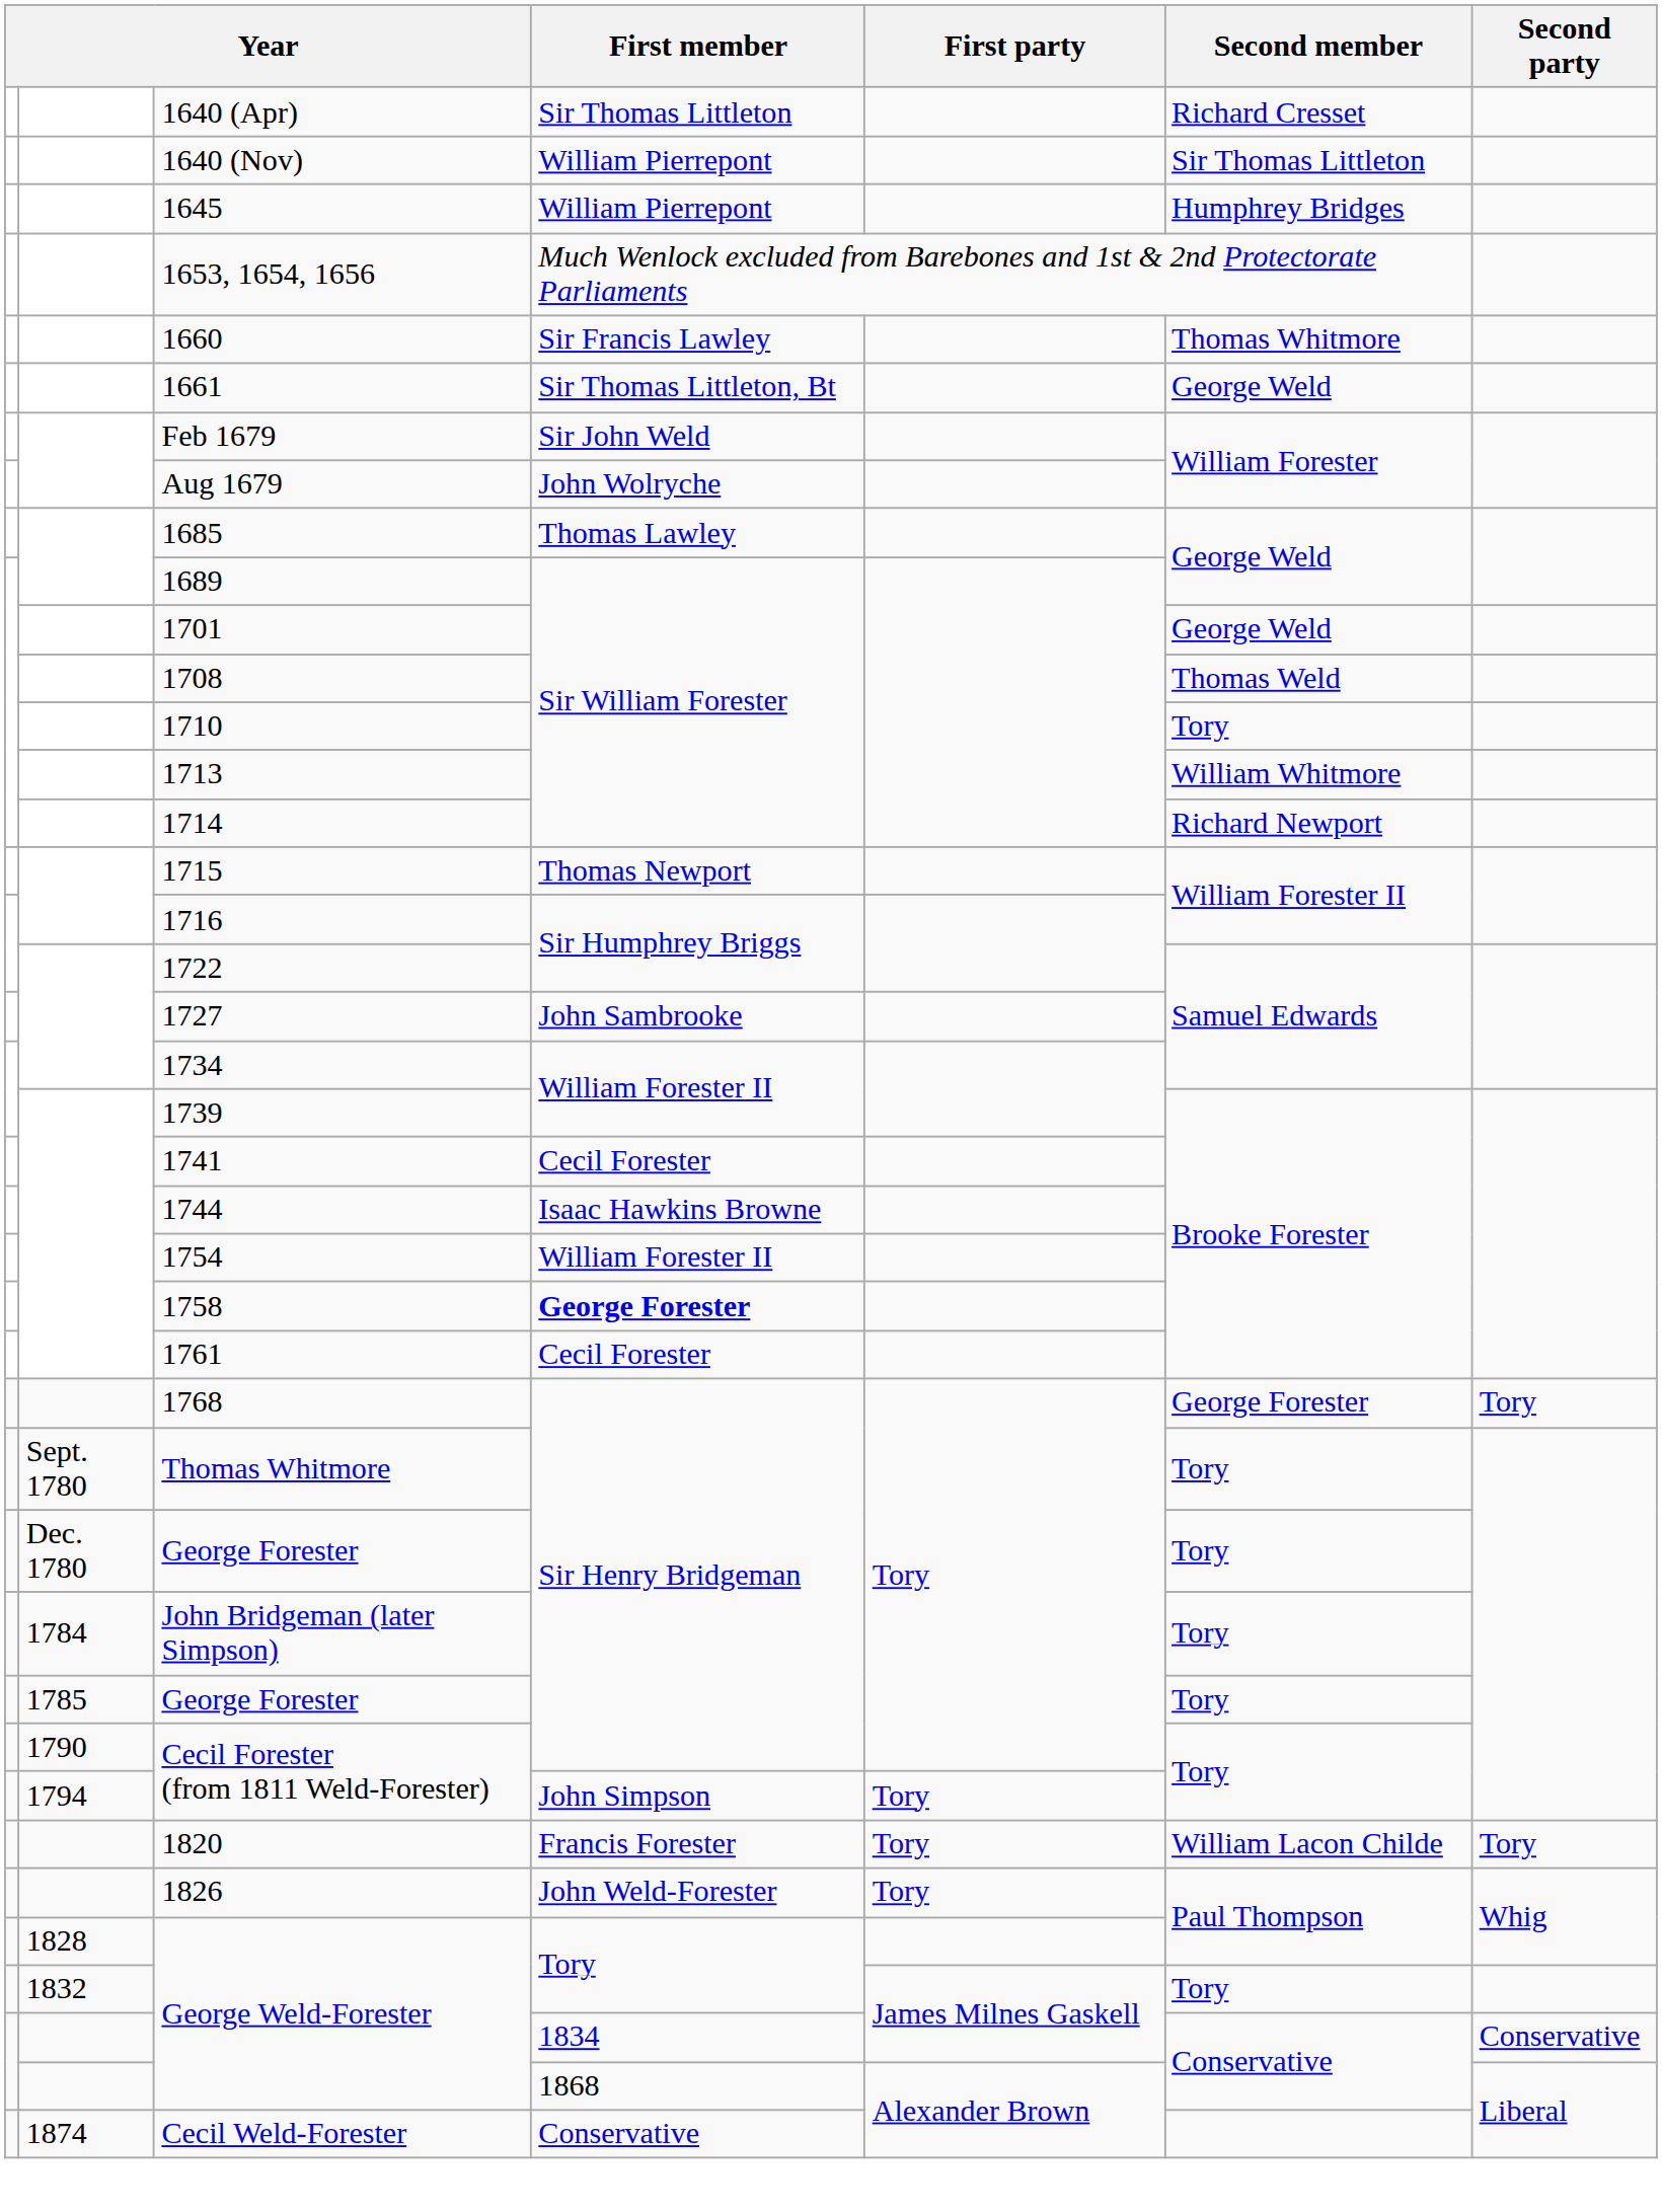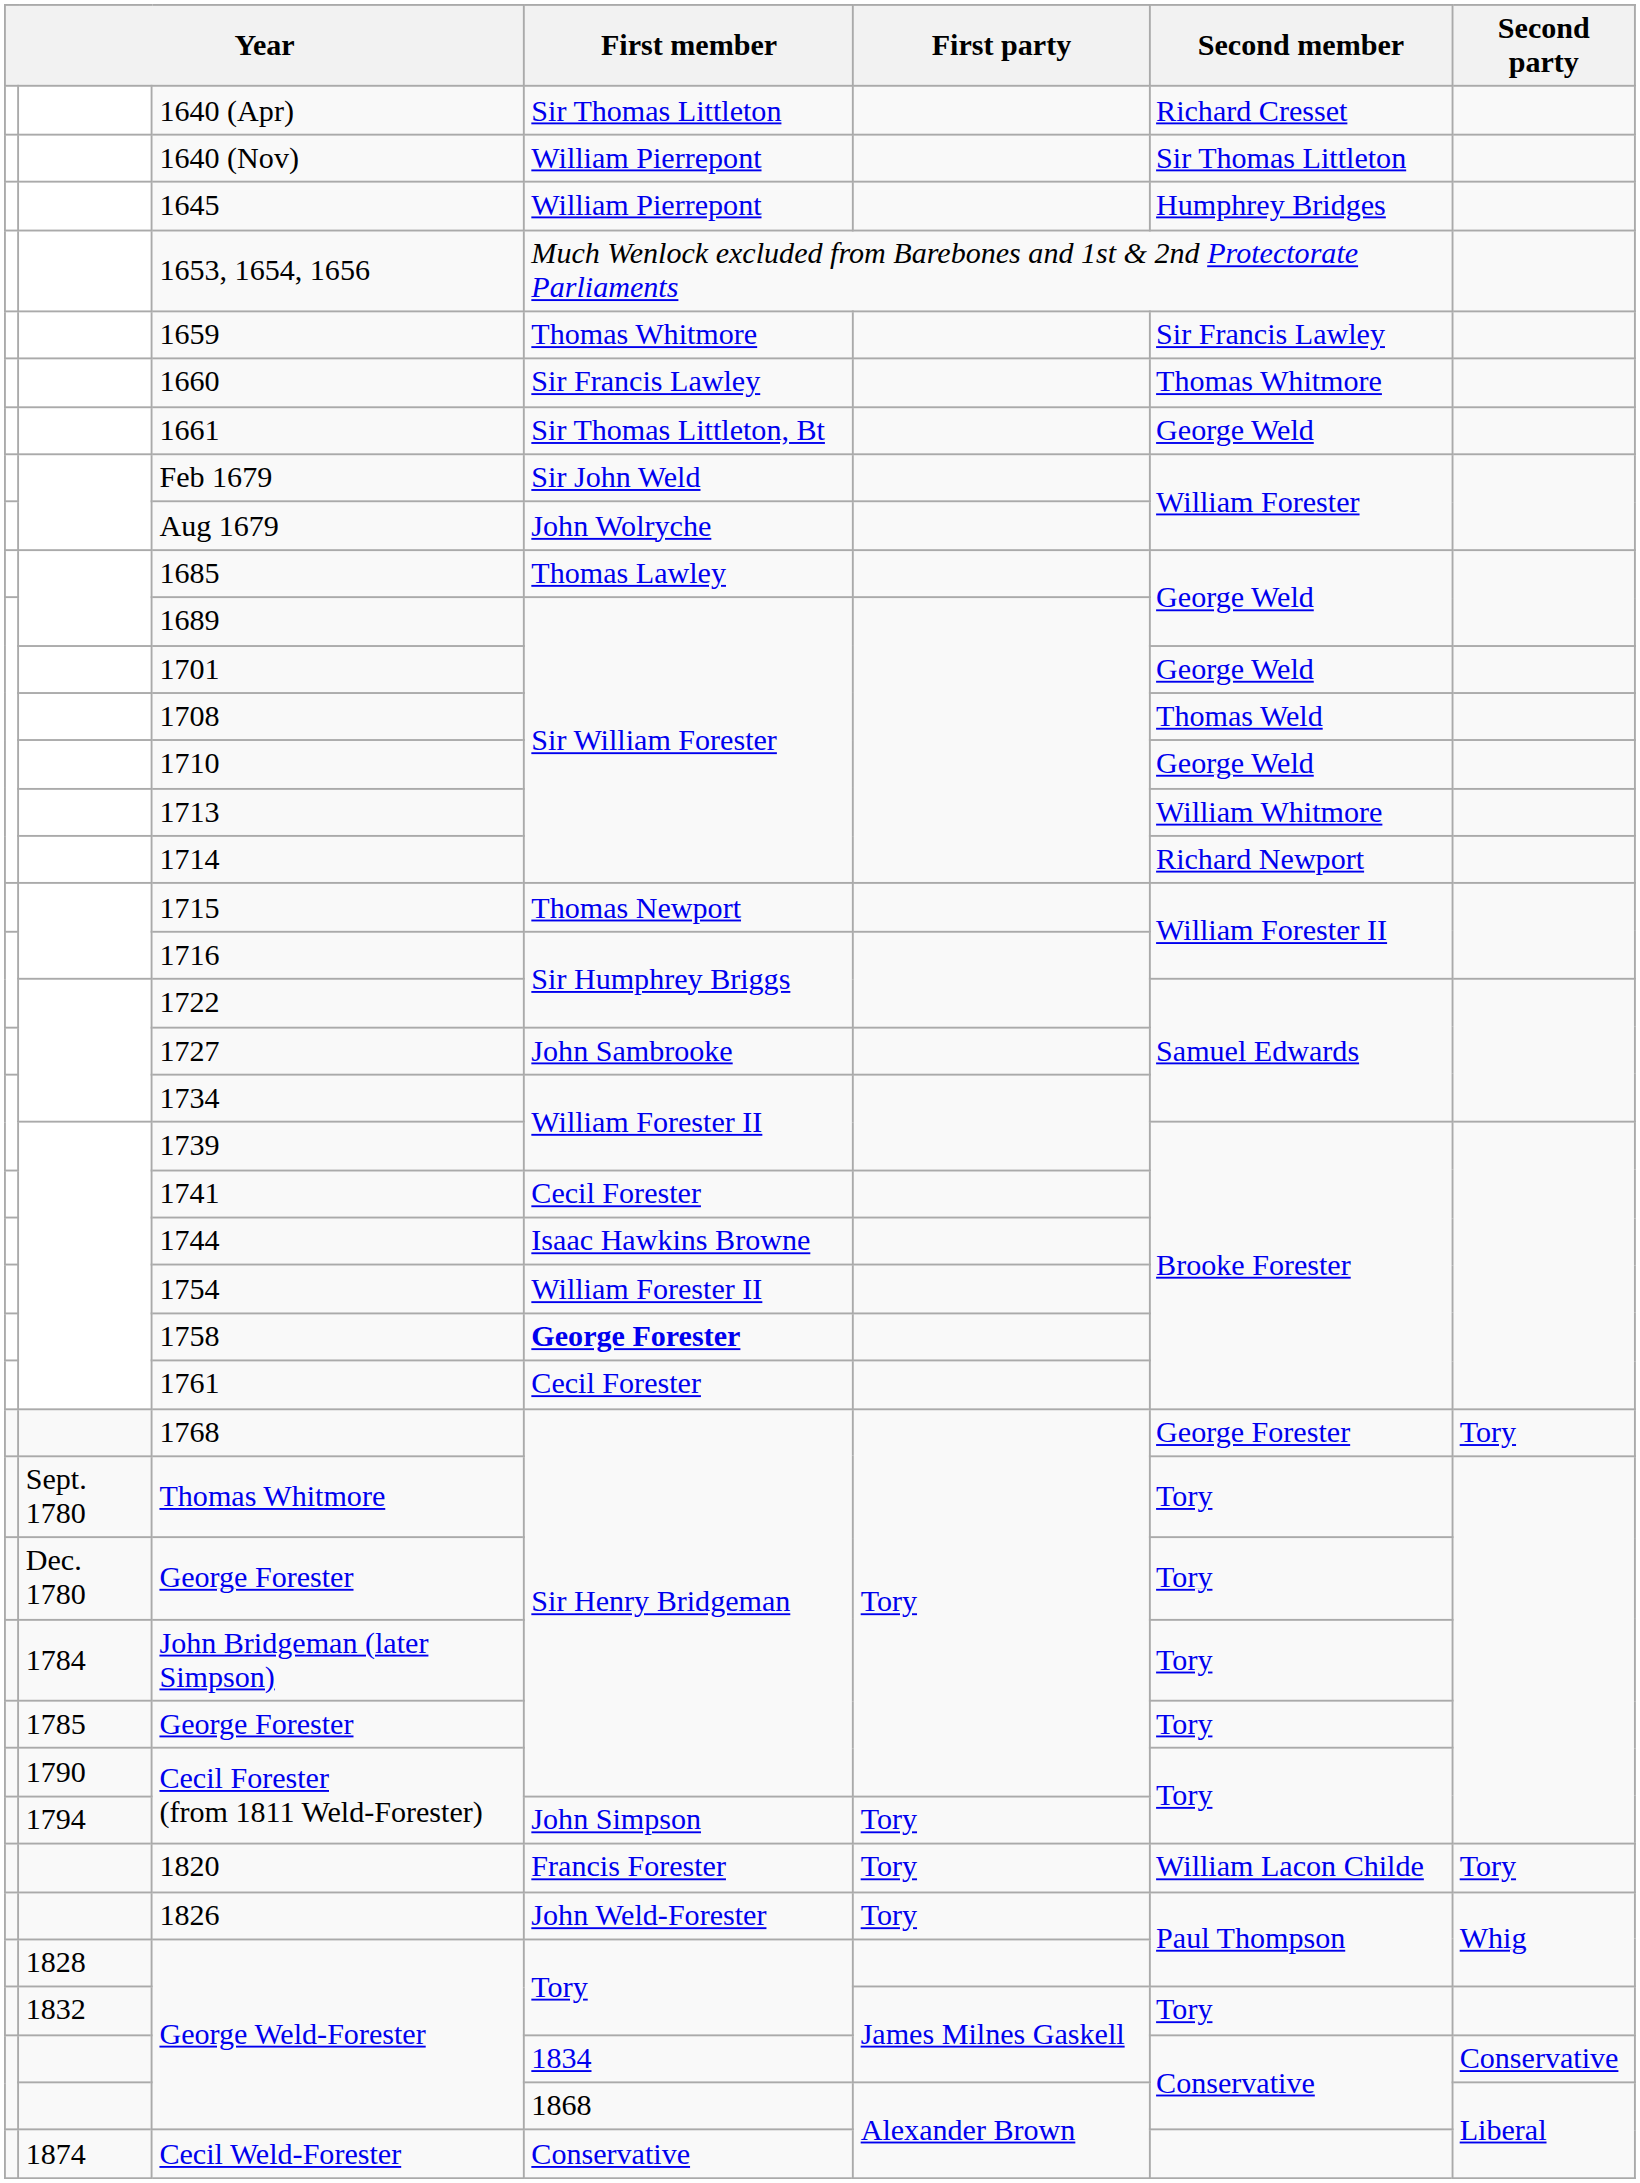 <table class="wikitable">
 <tr>
 <th colspan="3">Year</th>
 <th>First member</th>
 <th>First party</th>
 <th>Second member</th>
 <th>Second party</th>
 </tr>
 <tr>
 <td style="color:inherit;background-color: white"></td>
 <td style="color:inherit;background-color: white"></td>
 <td>1640 (Apr)</td>
 <td><a href='#'>Sir Thomas Littleton</a></td>
 <td></td>
 <td><a href='#'>Richard Cresset</a></td>
 <td></td>
 </tr>
 <tr>
 <td style="color:inherit;background-color: white"></td>
 <td style="color:inherit;background-color: white"></td>
 <td>1640 (Nov)</td>
 <td><a href='#'>William Pierrepont</a></td>
 <td></td>
 <td><a href='#'>Sir Thomas Littleton</a></td>
 <td></td>
 </tr>
 <tr>
 <td style="color:inherit;background-color: white"></td>
 <td style="color:inherit;background-color: white"></td>
 <td>1645</td>
 <td><a href='#'>William Pierrepont</a></td>
 <td></td>
 <td><a href='#'>Humphrey Bridges</a></td>
 <td></td>
 </tr>
 <tr>
 <td style="color:inherit;background-color: white"></td>
 <td style="color:inherit;background-color: white"></td>
 <td>1653, 1654, 1656</td>
 <td colspan = "3"><em>Much Wenlock excluded from Barebones and 1st & 2nd <a href='#'>Protectorate Parliaments</a></em></td>
+<td></td>
+</tr>
+<tr>
+<td style="color:inherit;background-color: white"></td>
+<td style="color:inherit;background-color: white"></td>
+<td>1659</td>
+<td><a href='#'>Thomas Whitmore</a></td>
+<td></td>
+<td><a href='#'>Sir Francis Lawley</a></td>
 <td></td>
 </tr>
 <tr>
 <td style="color:inherit;background-color: white"></td>
 <td style="color:inherit;background-color: white"></td>
 <td>1660</td>
 <td><a href='#'>Sir Francis Lawley</a></td>
 <td></td>
 <td><a href='#'>Thomas Whitmore</a></td>
 <td></td>
 </tr>
 <tr>
 <td style="color:inherit;background-color: white"></td>
 <td style="color:inherit;background-color: white"></td>
 <td>1661</td>
 <td><a href='#'>Sir Thomas Littleton, Bt</a></td>
 <td></td>
 <td><a href='#'>George Weld</a></td>
 <td></td>
 </tr>
 <tr>
 <td style="color:inherit;background-color: white"></td>
 <td style="color:inherit;background-color: white" rowspan="2"></td>
 <td>Feb 1679</td>
 <td><a href='#'>Sir John Weld</a></td>
 <td></td>
 <td rowspan="2"><a href='#'>William Forester</a></td>
 <td rowspan="2"></td>
 </tr>
 <tr>
 <td style="color:inherit;background-color: white"></td>
 <td>Aug 1679</td>
 <td><a href='#'>John Wolryche</a></td>
 <td></td>
 </tr>
 <tr>
 <td style="color:inherit;background-color: white"></td>
 <td style="color:inherit;background-color: white" rowspan="2"></td>
 <td>1685</td>
 <td><a href='#'>Thomas Lawley</a></td>
 <td></td>
 <td rowspan="2"><a href='#'>George Weld</a></td>
 <td rowspan="2"></td>
 </tr>
 <tr>
 <td style="color:inherit;background-color: white" rowspan="6"></td>
 <td>1689</td>
 <td rowspan="6"><a href='#'>Sir William Forester</a></td>
 <td rowspan="6"></td>
 </tr>
 <tr>
 <td style="color:inherit;background-color: white"></td>
 <td>1701</td>
 <td><a href='#'>George Weld</a></td>
 <td></td>
 </tr>
 <tr>
 <td style="color:inherit;background-color: white"></td>
 <td>1708</td>
 <td><a href='#'>Thomas Weld</a></td>
 <td></td>
 </tr>
 <tr>
 <td style="color:inherit;background-color: white"></td>
 <td>1710</td>
-<td><a href='#'>Tory</a></td>
+<td><a href='#'>George Weld</a></td>
 <td></td>
 </tr>
 <tr>
 <td style="color:inherit;background-color: white"></td>
 <td>1713</td>
 <td><a href='#'>William Whitmore</a></td>
 <td></td>
 </tr>
 <tr>
 <td style="color:inherit;background-color: white"></td>
 <td>1714</td>
 <td><a href='#'>Richard Newport</a></td>
 <td></td>
 </tr>
 <tr>
 <td style="color:inherit;background-color: white"></td>
 <td style="color:inherit;background-color: white" rowspan="2"></td>
 <td>1715</td>
 <td><a href='#'>Thomas Newport</a></td>
 <td></td>
 <td rowspan="2"><a href='#'>William Forester II</a></td>
 <td rowspan="2"></td>
 </tr>
 <tr>
 <td style="color:inherit;background-color: white" rowspan="2"></td>
 <td>1716</td>
 <td rowspan="2"><a href='#'>Sir Humphrey Briggs</a></td>
 <td rowspan="2"></td>
 </tr>
 <tr>
 <td style="color:inherit;background-color: white" rowspan="3"></td>
 <td>1722</td>
 <td rowspan="3"><a href='#'>Samuel Edwards</a></td>
 <td rowspan="3"></td>
 </tr>
 <tr>
 <td style="color:inherit;background-color: white"></td>
 <td>1727</td>
 <td><a href='#'>John Sambrooke</a></td>
 <td></td>
 </tr>
 <tr>
 <td style="color:inherit;background-color: white" rowspan="2"></td>
 <td>1734</td>
 <td rowspan="2"><a href='#'>William Forester II</a></td>
 <td rowspan="2"></td>
 </tr>
 <tr>
 <td style="color:inherit;background-color: white" rowspan="6"></td>
 <td>1739</td>
 <td rowspan="6"><a href='#'>Brooke Forester</a></td>
 <td rowspan="6"></td>
 </tr>
 <tr>
 <td style="color:inherit;background-color: white"></td>
 <td>1741</td>
 <td><a href='#'>Cecil Forester</a></td>
 <td></td>
 </tr>
 <tr>
 <td style="color:inherit;background-color: white"></td>
 <td>1744</td>
 <td><a href='#'>Isaac Hawkins Browne</a></td>
 <td></td>
 </tr>
 <tr>
 <td style="color:inherit;background-color: white"></td>
 <td>1754</td>
 <td><a href='#'>William Forester II</a></td>
 <td></td>
 </tr>
 <tr>
 <td style="color:inherit;background-color: white"></td>
 <td>1758</td>
 <td><strong><a href='#'>George Forester</a></strong></td>
 <td></td>
 </tr>
 <tr>
 <td style="color:inherit;background-color: white"></td>
 <td>1761</td>
 <td><a href='#'>Cecil Forester</a></td>
 <td></td>
 </tr>
 <tr>
 <td style="color:inherit;background-color: "></td>
 <td style="color:inherit;background-color: "></td>
 <td>1768</td>
 <td rowspan="6"><a href='#'>Sir Henry Bridgeman</a></td>
 <td rowspan="6"><a href='#'>Tory</a></td>
 <td><a href='#'>George Forester</a></td>
 <td><a href='#'>Tory</a></td>
 </tr>
 <tr>
 <td style="color:inherit;background-color: "></td>
 <td>Sept. 1780</td>
 <td><a href='#'>Thomas Whitmore</a></td>
 <td><a href='#'>Tory</a></td>
 </tr>
 <tr>
 <td style="color:inherit;background-color: "></td>
 <td>Dec. 1780</td>
 <td><a href='#'>George Forester</a></td>
 <td><a href='#'>Tory</a></td>
 </tr>
 <tr>
 <td style="color:inherit;background-color: "></td>
 <td>1784</td>
 <td><a href='#'>John Bridgeman (later Simpson)</a></td>
 <td><a href='#'>Tory</a></td>
 </tr>
 <tr>
 <td style="color:inherit;background-color: "></td>
 <td>1785</td>
 <td><a href='#'>George Forester</a></td>
 <td><a href='#'>Tory</a></td>
 </tr>
 <tr>
 <td style="color:inherit;background-color: "></td>
 <td>1790</td>
 <td rowspan="2"><a href='#'>Cecil Forester</a> <br> (from 1811 Weld-Forester)</td>
 <td rowspan="2"><a href='#'>Tory</a></td>
 </tr>
 <tr>
 <td style="color:inherit;background-color: "></td>
 <td>1794</td>
 <td><a href='#'>John Simpson</a></td>
 <td><a href='#'>Tory</a></td>
 </tr>
 <tr>
 <td style="color:inherit;background-color: "></td>
 <td style="color:inherit;background-color: "></td>
 <td>1820</td>
 <td><a href='#'>Francis Forester</a></td>
 <td><a href='#'>Tory</a></td>
 <td><a href='#'>William Lacon Childe</a></td>
 <td><a href='#'>Tory</a></td>
 </tr>
 <tr>
 <td style="color:inherit;background-color: "></td>
 <td style="color:inherit;background-color: "></td>
 <td>1826</td>
 <td><a href='#'>John Weld-Forester</a></td>
 <td><a href='#'>Tory</a></td>
 <td rowspan="2"><a href='#'>Paul Thompson</a></td>
 <td rowspan="2"><a href='#'>Whig</a></td>
 </tr>
 <tr>
 <td style="color:inherit;background-color: "></td>
 <td>1828</td>
 <td rowspan="4"><a href='#'>George Weld-Forester</a></td>
 <td rowspan="2"><a href='#'>Tory</a></td>
 </tr>
 <tr>
 <td style="color:inherit;background-color: "></td>
 <td>1832</td>
 <td rowspan="2"><a href='#'>James Milnes Gaskell</a></td>
 <td><a href='#'>Tory</a></td>
 </tr>
 <tr>
 <td rowspan="2" style="color:inherit;background-color: "></td>
 <td style="color:inherit;background-color: "></td>
 <td><a href='#'>1834</a></td>
 <td rowspan="2"><a href='#'>Conservative</a></td>
 <td><a href='#'>Conservative</a></td>
 </tr>
 <tr>
 <td style="color:inherit;background-color: "></td>
 <td>1868</td>
 <td rowspan="2"><a href='#'>Alexander Brown</a></td>
 <td rowspan="2"><a href='#'>Liberal</a></td>
 </tr>
 <tr>
 <td style="color:inherit;background-color: "></td>
 <td>1874</td>
 <td><a href='#'>Cecil Weld-Forester</a></td>
 <td><a href='#'>Conservative</a></td>
 </tr>
 </table>
